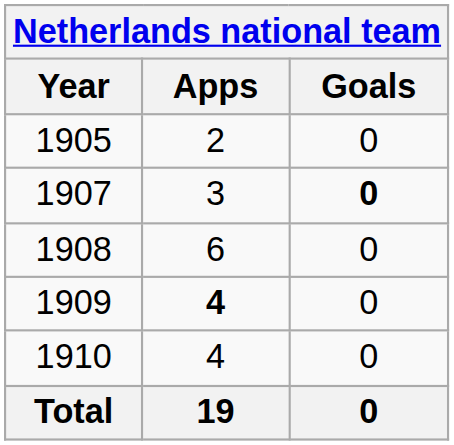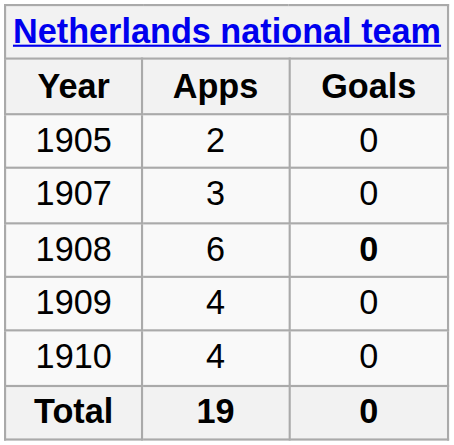 <table class="wikitable" style="text-align:center">
 <tr>
 <th colspan=3><a href='#'>Netherlands national team</a></th>
 </tr>
 <tr>
 <th>Year</th>
 <th>Apps</th>
 <th>Goals</th>
 </tr>
 <tr>
 <td>1905</td>
 <td>2</td>
 <td>0</td>
 </tr>
 <tr>
 <td>1907</td>
 <td>3</td>
-<td><strong>0</strong></td>
+<td>0</td>
 </tr>
 <tr>
 <td>1908</td>
 <td>6</td>
-<td>0</td>
+<td><strong>0</strong></td>
 </tr>
 <tr>
 <td>1909</td>
-<td><strong>4</strong></td>
+<td>4</td>
 <td>0</td>
 </tr>
 <tr>
 <td>1910</td>
 <td>4</td>
 <td>0</td>
 </tr>
 <tr>
 <th>Total</th>
 <th>19</th>
 <th>0</th>
 </tr>
 </table>
